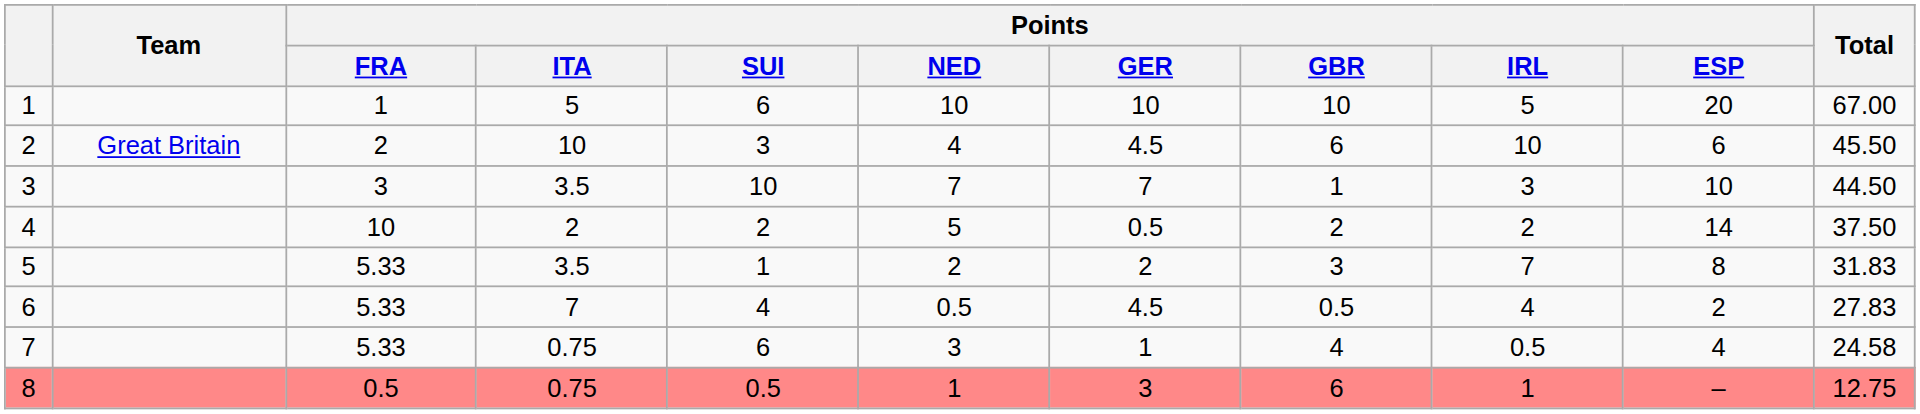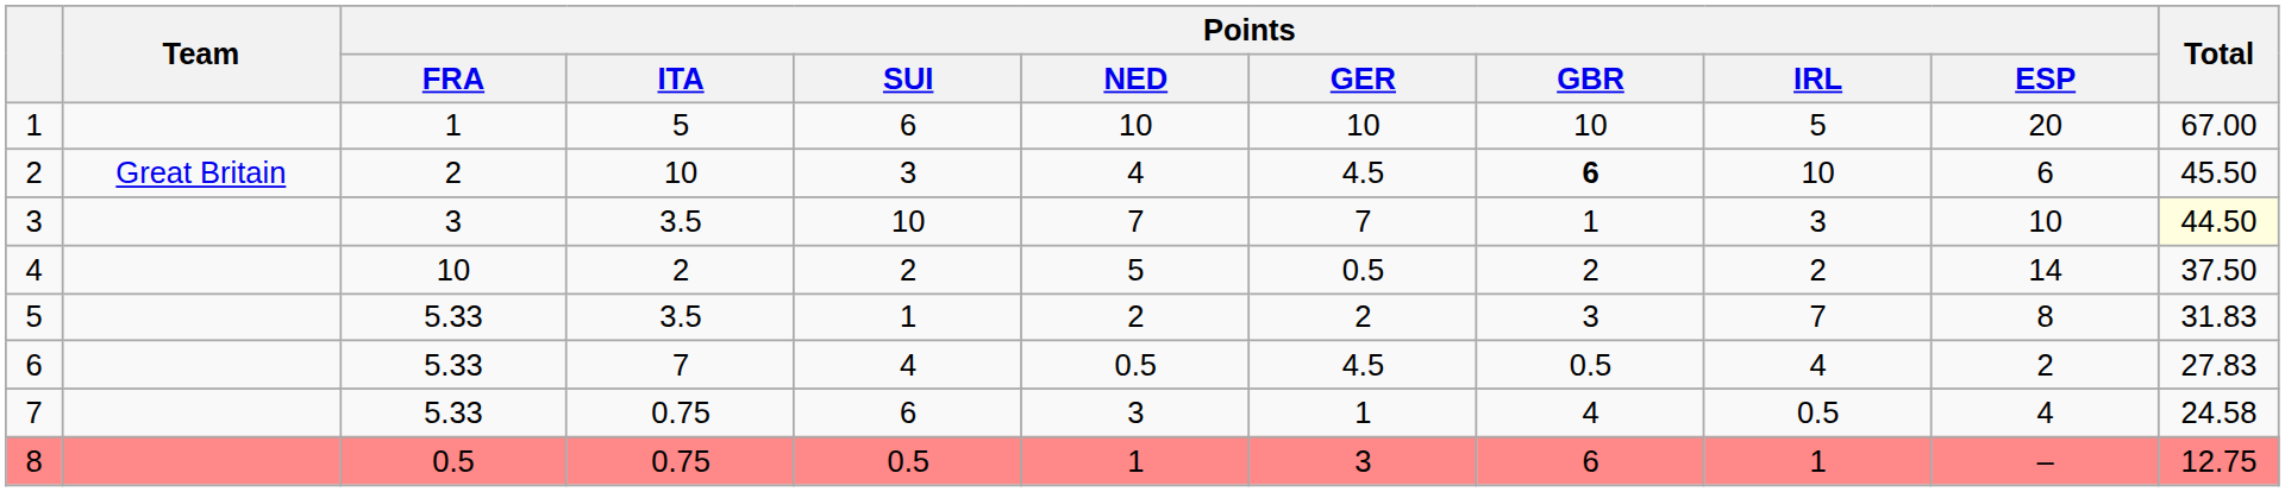 <table class="wikitable" style="font-size: 90%; text-align:center; table-layout:fixed; width:75em">
 <tr>
 <th rowspan=2 width=20></th>
 <th rowspan=2 width=125>Team</th>
 <th colspan=8>Points</th>
 <th rowspan=2 width=50>Total</th>
 </tr>
 <tr valign="top">
 <th><a href='#'>FRA</a><br></th>
 <th><a href='#'>ITA</a><br></th>
 <th><a href='#'>SUI</a><br></th>
 <th><a href='#'>NED</a><br></th>
 <th><a href='#'>GER</a><br></th>
 <th><a href='#'>GBR</a><br></th>
 <th><a href='#'>IRL</a><br></th>
 <th><a href='#'>ESP</a><br></th>
 </tr>
 <tr>
 <td align=center>1</td>
 <td></td>
 <td align=center>1</td>
 <td align=center>5</td>
 <td align=center>6</td>
 <td align=center>10</td>
 <td align=center>10</td>
 <td align=center>10</td>
 <td align=center>5</td>
 <td align=center>20</td>
 <td align=center>67.00</td>
 </tr>
 <tr>
 <td align=center>2</td>
 <td> <a href='#'>Great Britain</a></td>
 <td align=center>2</td>
 <td align=center>10</td>
 <td align=center>3</td>
 <td align=center>4</td>
 <td align=center>4.5</td>
-<td align=center>6</td>
+<td align=center><strong>6</strong></td>
 <td align=center>10</td>
 <td align=center>6</td>
 <td align=center>45.50</td>
 </tr>
 <tr>
 <td align=center>3</td>
 <td></td>
 <td align=center>3</td>
 <td align=center>3.5</td>
 <td align=center>10</td>
 <td align=center>7</td>
 <td align=center>7</td>
 <td align=center>1</td>
 <td align=center>3</td>
 <td align=center>10</td>
-<td align=center>44.50</td>
+<td align=center style="background: lightyellow;">44.50</td>
 </tr>
 <tr>
 <td align=center>4</td>
 <td></td>
 <td align=center>10</td>
 <td align=center>2</td>
 <td align=center>2</td>
 <td align=center>5</td>
 <td align=center>0.5</td>
 <td align=center>2</td>
 <td align=center>2</td>
 <td align=center>14</td>
 <td align=center>37.50</td>
 </tr>
 <tr>
 <td align=center>5</td>
 <td></td>
 <td align=center>5.33</td>
 <td align=center>3.5</td>
 <td align=center>1</td>
 <td align=center>2</td>
 <td align=center>2</td>
 <td align=center>3</td>
 <td align=center>7</td>
 <td align=center>8</td>
 <td align=center>31.83</td>
 </tr>
 <tr>
 <td align=center>6</td>
 <td></td>
 <td align=center>5.33</td>
 <td align=center>7</td>
 <td align=center>4</td>
 <td align=center>0.5</td>
 <td align=center>4.5</td>
 <td align=center>0.5</td>
 <td align=center>4</td>
 <td align=center>2</td>
 <td align=center>27.83</td>
 </tr>
 <tr>
 <td align=center>7</td>
 <td></td>
 <td align=center>5.33</td>
 <td align=center>0.75</td>
 <td align=center>6</td>
 <td align=center>3</td>
 <td align=center>1</td>
 <td align=center>4</td>
 <td align=center>0.5</td>
 <td align=center>4</td>
 <td align=center>24.58</td>
 </tr>
 <tr bgcolor=#FF8888>
 <td align=center>8</td>
 <td></td>
 <td align=center>0.5</td>
 <td align=center>0.75</td>
 <td align=center>0.5</td>
 <td align=center>1</td>
 <td align=center>3</td>
 <td align=center>6</td>
 <td align=center>1</td>
 <td align=center>–</td>
 <td align=center>12.75</td>
 </tr>
 </table>
